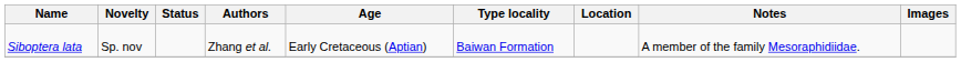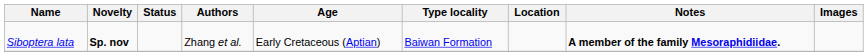 <table class="wikitable sortable" align="center" width="100%">
 <tr>
 <th>Name</th>
 <th>Novelty</th>
 <th>Status</th>
 <th>Authors</th>
 <th>Age</th>
 <th>Type locality</th>
 <th>Location</th>
 <th>Notes</th>
 <th>Images</th>
 </tr>
 <tr>
 <td><br><em><a href='#'>Siboptera lata</a></em></td>
-<td><br>Sp. nov</td>
+<td><strong><br>Sp. nov</strong></td>
 <td></td>
 <td><br>Zhang <em>et al.</em></td>
 <td><br>Early Cretaceous (<a href='#'>Aptian</a>)</td>
 <td><br><a href='#'>Baiwan Formation</a></td>
 <td><br></td>
-<td><br>A member of the family <a href='#'>Mesoraphidiidae</a>.</td>
+<td><strong><br>A member of the family <a href='#'>Mesoraphidiidae</a>.</strong></td>
 <td></td>
 </tr>
 <tr>
 </tr>
 </table>
